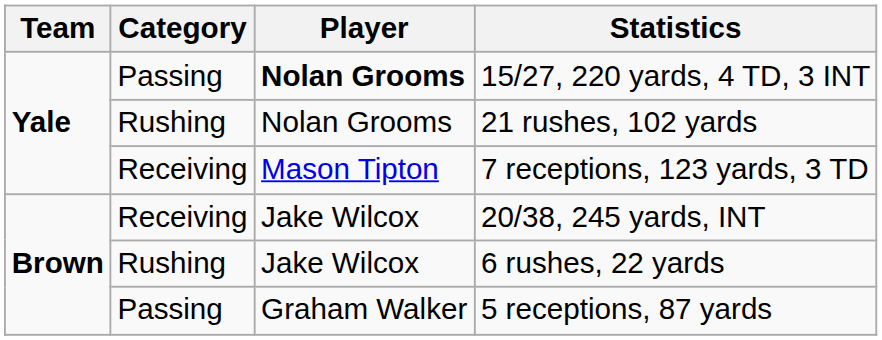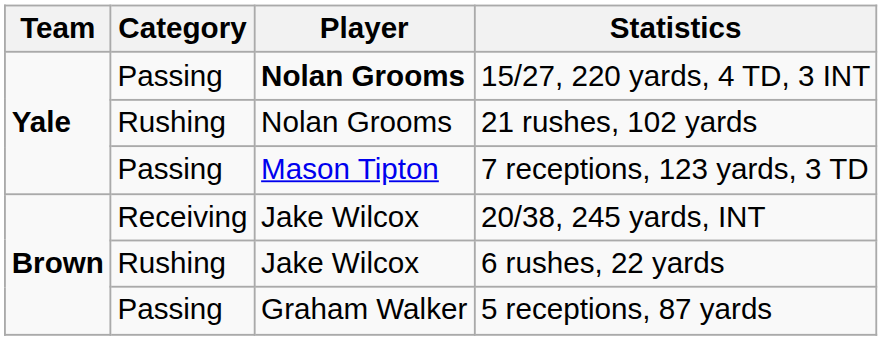 <table class="wikitable" style="float: left;">
 <tr>
 <th>Team</th>
 <th>Category</th>
 <th>Player</th>
 <th>Statistics</th>
 </tr>
 <tr>
 <td rowspan=3><strong>Yale</strong></td>
 <td>Passing</td>
 <td><strong>Nolan Grooms</strong></td>
 <td>15/27, 220 yards, 4 TD, 3 INT</td>
 </tr>
 <tr>
 <td>Rushing</td>
 <td>Nolan Grooms</td>
 <td>21 rushes, 102 yards</td>
 </tr>
 <tr>
-<td>Receiving</td>
+<td>Passing</td>
 <td><a href='#'>Mason Tipton</a></td>
 <td>7 receptions, 123 yards, 3 TD</td>
 </tr>
 <tr>
 <td rowspan=3><strong>Brown</strong></td>
 <td>Receiving</td>
 <td>Jake Wilcox</td>
 <td>20/38, 245 yards, INT</td>
 </tr>
 <tr>
 <td>Rushing</td>
 <td>Jake Wilcox</td>
 <td>6 rushes, 22 yards</td>
 </tr>
 <tr>
 <td>Passing</td>
 <td>Graham Walker</td>
 <td>5 receptions, 87 yards</td>
 </tr>
 </table>
